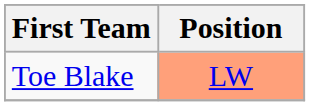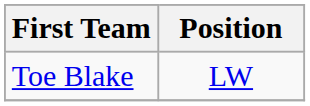 <table class="wikitable">
 <tr>
 <th>First Team</th>
 <th>  Position  </th>
 </tr>
 <tr>
 <td><a href='#'>Toe Blake</a></td>
-<td align=center style="background: lightsalmon;"><a href='#'>LW</a></td>
+<td align=center><a href='#'>LW</a></td>
 </tr>
 <tr>
 </tr>
 </table>
